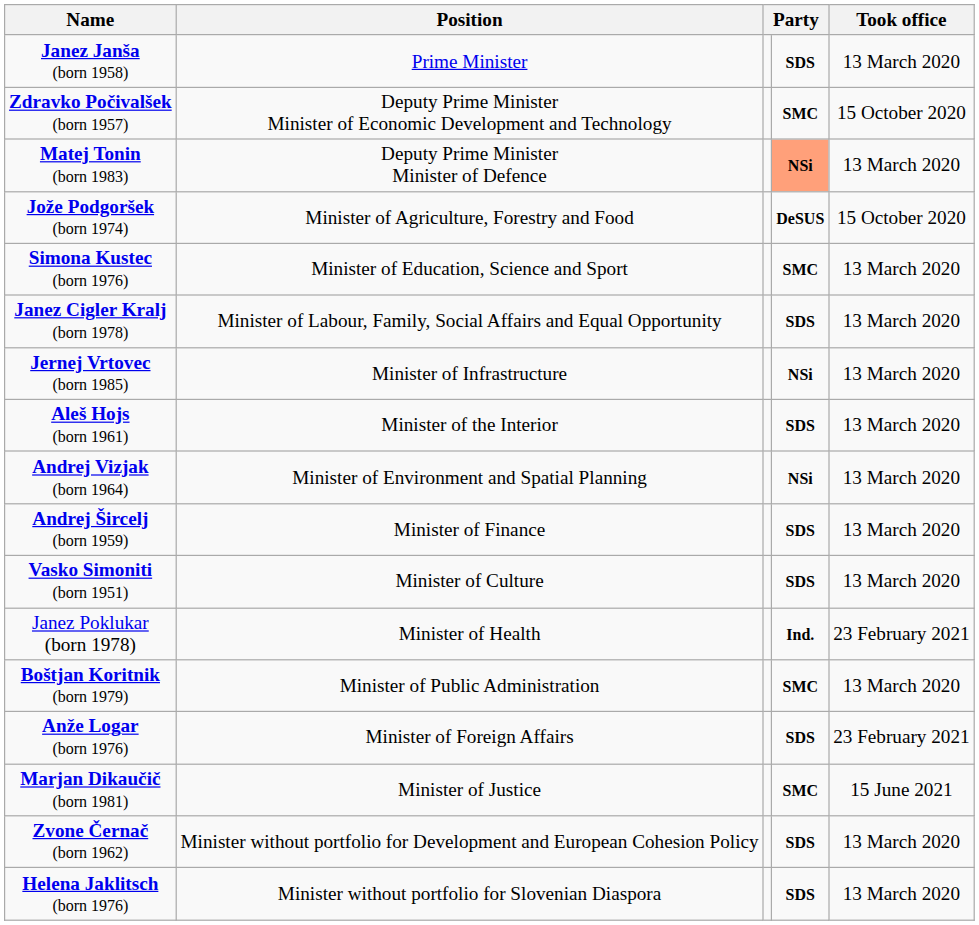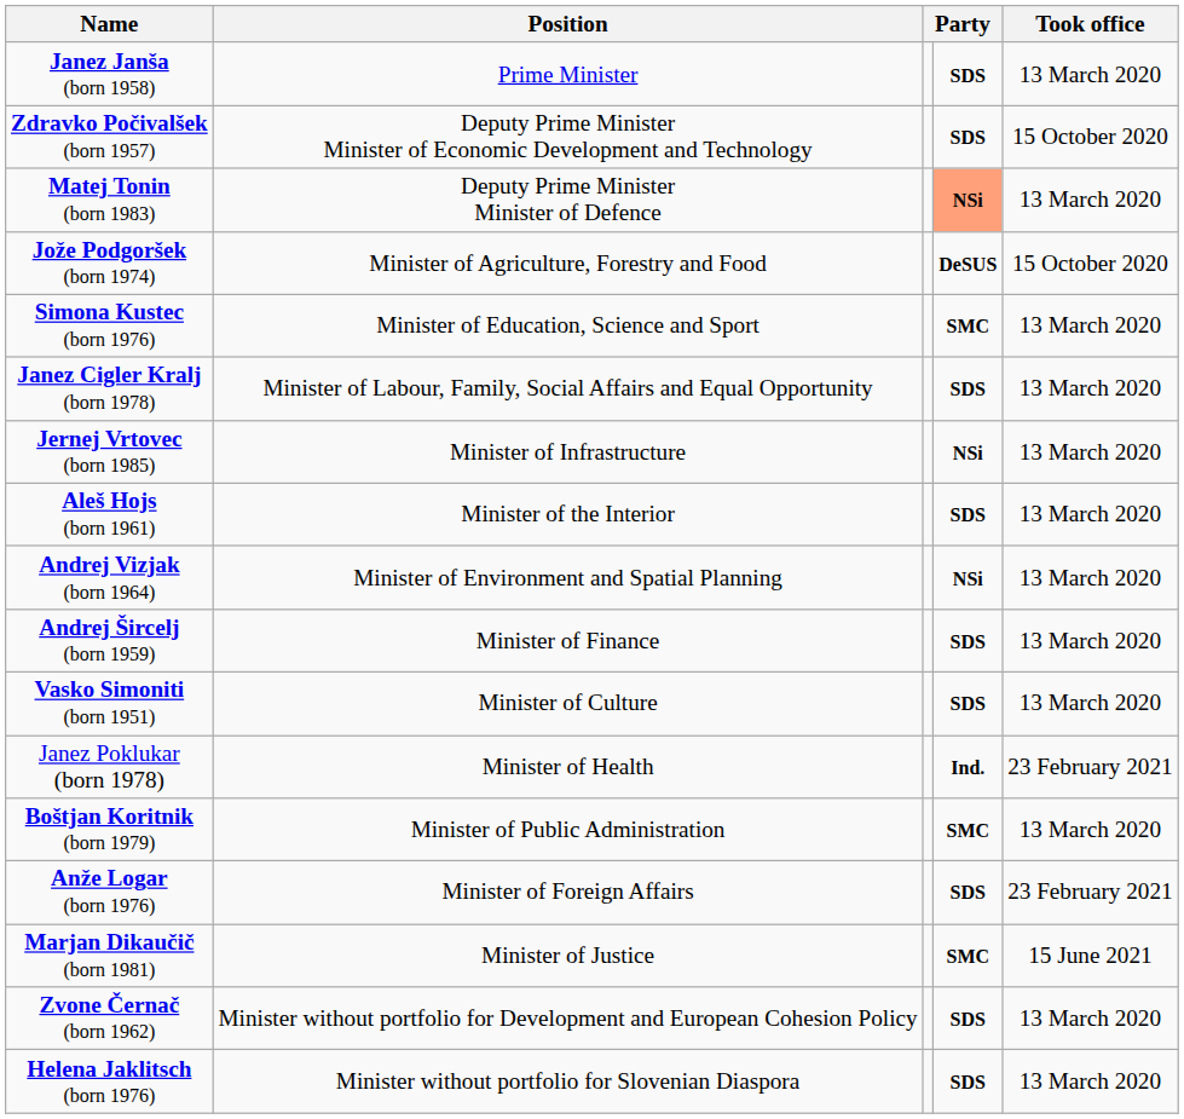 <table class="wikitable" style="text-align: center;">
 <tr>
 <th>Name</th>
 <th>Position</th>
 <th colspan="2">Party</th>
 <th>Took office</th>
 </tr>
 <tr>
 <td><strong><a href='#'>Janez Janša</a></strong><br><small>(born 1958)</small></td>
 <td><a href='#'>Prime Minister</a></td>
 <td style="background:"></td>
 <td><strong><small>SDS</small></strong></td>
 <td>13 March 2020</td>
 </tr>
 <tr>
 <td><strong><a href='#'>Zdravko Počivalšek</a></strong><br><small>(born 1957)</small></td>
 <td>Deputy Prime Minister<br>Minister of Economic Development and Technology</td>
 <td style="background:"></td>
-<td><strong><small>SMC</small></strong></td>
+<td><strong><small>SDS</small></strong></td>
 <td>15 October 2020</td>
 </tr>
 <tr>
 <td><strong><a href='#'>Matej Tonin</a></strong><br><small>(born 1983)</small></td>
 <td>Deputy Prime Minister<br>Minister of Defence</td>
 <td style="background:"></td>
 <td style="background: lightsalmon;"><strong><small>NSi</small></strong></td>
 <td>13 March 2020</td>
 </tr>
 <tr>
 <td><strong><a href='#'>Jože Podgoršek</a></strong><br><small>(born 1974)</small></td>
 <td>Minister of Agriculture, Forestry and Food</td>
 <td style="background:"></td>
 <td><strong><small>DeSUS</small></strong></td>
 <td>15 October 2020</td>
 </tr>
 <tr>
 <td><strong><a href='#'>Simona Kustec</a></strong><br><small>(born 1976)</small></td>
 <td>Minister of Education, Science and Sport</td>
 <td style="background:"></td>
 <td><strong><small>SMC</small></strong></td>
 <td>13 March 2020</td>
 </tr>
 <tr>
 <td><strong><a href='#'>Janez Cigler Kralj</a></strong><br><small>(born 1978)</small></td>
 <td>Minister of Labour, Family, Social Affairs and Equal Opportunity</td>
 <td style="background:"></td>
 <td><strong><small>SDS</small></strong></td>
 <td>13 March 2020</td>
 </tr>
 <tr>
 <td><strong><a href='#'>Jernej Vrtovec</a></strong><br><small>(born 1985)</small></td>
 <td>Minister of Infrastructure</td>
 <td style="background:"></td>
 <td><strong><small>NSi</small></strong></td>
 <td>13 March 2020</td>
 </tr>
 <tr>
 <td><strong><a href='#'>Aleš Hojs</a></strong><br><small>(born 1961)</small></td>
 <td>Minister of the Interior</td>
 <td style="background:"></td>
 <td><strong><small>SDS</small></strong></td>
 <td>13 March 2020</td>
 </tr>
 <tr>
 <td><strong><a href='#'>Andrej Vizjak</a></strong><br><small>(born 1964)</small></td>
 <td>Minister of Environment and Spatial Planning</td>
 <td style="background:"></td>
 <td><strong><small>NSi</small></strong></td>
 <td>13 March 2020</td>
 </tr>
 <tr>
 <td><strong><a href='#'>Andrej Šircelj</a></strong><br><small>(born 1959)</small></td>
 <td>Minister of Finance</td>
 <td style="background:"></td>
 <td><strong><small>SDS</small></strong></td>
 <td>13 March 2020</td>
 </tr>
 <tr>
 <td><strong><a href='#'>Vasko Simoniti</a></strong><br><small>(born 1951)</small></td>
 <td>Minister of Culture</td>
 <td style="background:"></td>
 <td><strong><small>SDS</small></strong></td>
 <td>13 March 2020</td>
 </tr>
 <tr>
 <td><a href='#'>Janez Poklukar</a><br>(born 1978)</td>
 <td>Minister of Health</td>
 <td style="background:"></td>
 <td><strong><small>Ind.</small></strong></td>
 <td>23 February 2021</td>
 </tr>
 <tr>
 <td><strong><a href='#'>Boštjan Koritnik</a></strong><br><small>(born 1979)</small></td>
 <td>Minister of Public Administration</td>
 <td style="background:"></td>
 <td><strong><small>SMC</small></strong></td>
 <td>13 March 2020</td>
 </tr>
 <tr>
 <td><strong><a href='#'>Anže Logar</a></strong><br><small>(born 1976)</small></td>
 <td>Minister of Foreign Affairs</td>
 <td style="background:"></td>
 <td><strong><small>SDS</small></strong></td>
 <td>23 February 2021</td>
 </tr>
 <tr>
 <td><strong><a href='#'>Marjan Dikaučič</a></strong><br><small>(born 1981)</small></td>
 <td>Minister of Justice</td>
 <td style="background:"></td>
 <td><strong><small>SMC</small></strong></td>
 <td>15 June 2021</td>
 </tr>
 <tr>
 <td><strong><a href='#'>Zvone Černač</a></strong><br><small>(born 1962)</small></td>
 <td>Minister without portfolio for Development and European Cohesion Policy</td>
 <td style="background:"></td>
 <td><strong><small>SDS</small></strong></td>
 <td>13 March 2020</td>
 </tr>
 <tr>
 <td><strong><a href='#'>Helena Jaklitsch</a></strong><br><small>(born 1976)</small></td>
 <td>Minister without portfolio for Slovenian Diaspora</td>
 <td style="background:"></td>
 <td><strong><small>SDS</small></strong></td>
 <td>13 March 2020</td>
 </tr>
 </table>
